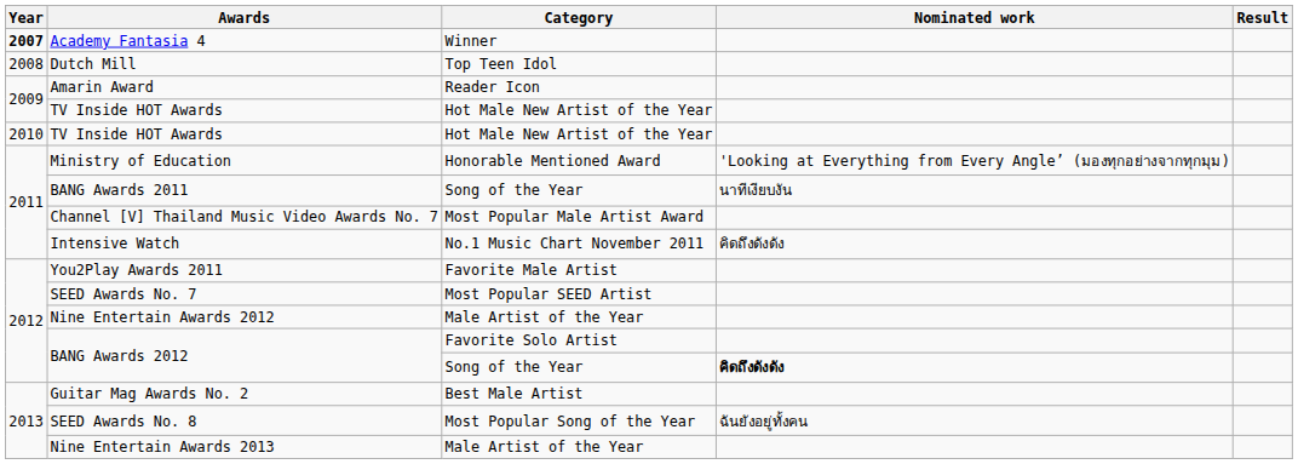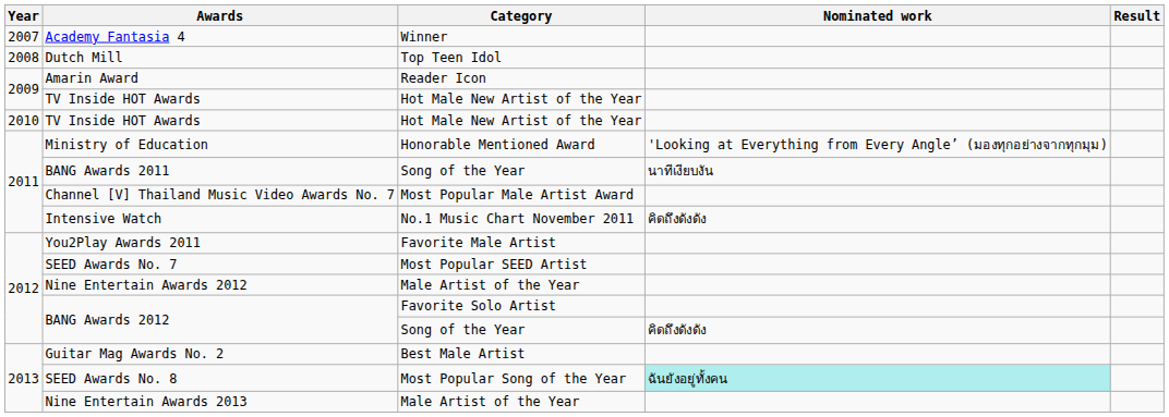 <table class="wikitable">
 <tr>
 <th>Year</th>
 <th>Awards</th>
 <th>Category</th>
 <th>Nominated work</th>
 <th>Result</th>
 </tr>
 <tr>
-<td><strong>2007</strong></td>
+<td>2007</td>
 <td><a href='#'>Academy Fantasia</a> 4</td>
 <td>Winner</td>
 <td></td>
 <td></td>
 </tr>
 <tr>
 <td>2008</td>
 <td>Dutch Mill</td>
 <td>Top Teen Idol</td>
 <td></td>
 <td></td>
 </tr>
 <tr>
 <td rowspan="2">2009</td>
 <td>Amarin Award</td>
 <td>Reader Icon </td>
 <td></td>
 <td></td>
 </tr>
 <tr>
 <td>TV Inside HOT Awards</td>
 <td>Hot Male New Artist of the Year</td>
 <td></td>
 <td></td>
 </tr>
 <tr>
 <td>2010</td>
 <td>TV Inside HOT Awards</td>
 <td>Hot Male New Artist of the Year</td>
 <td></td>
 <td></td>
 </tr>
 <tr>
 <td rowspan="4">2011</td>
 <td>Ministry of Education</td>
 <td>Honorable Mentioned Award</td>
 <td>'Looking at Everything from Every Angle’ (มองทุกอย่างจากทุกมุม)</td>
 <td></td>
 </tr>
 <tr>
 <td>BANG Awards 2011</td>
 <td>Song of the Year</td>
 <td>นาทีเงียบงัน</td>
 <td></td>
 </tr>
 <tr>
 <td>Channel [V] Thailand Music Video Awards No. 7</td>
 <td>Most Popular Male Artist Award</td>
 <td></td>
 <td></td>
 </tr>
 <tr>
 <td>Intensive Watch</td>
 <td>No.1 Music Chart November 2011</td>
 <td>คิดถึงดังดัง</td>
 <td></td>
 </tr>
 <tr>
 <td rowspan="5">2012</td>
 <td>You2Play Awards 2011</td>
 <td>Favorite Male Artist</td>
 <td></td>
 <td></td>
 </tr>
 <tr>
 <td>SEED Awards No. 7</td>
 <td>Most Popular SEED Artist</td>
 <td></td>
 <td></td>
 </tr>
 <tr>
 <td>Nine Entertain Awards 2012</td>
 <td>Male Artist of the Year</td>
 <td></td>
 <td></td>
 </tr>
 <tr>
 <td rowspan="2">BANG Awards 2012</td>
 <td>Favorite Solo Artist</td>
 <td></td>
 <td></td>
 </tr>
 <tr>
 <td>Song of the Year</td>
-<td><strong>คิดถึงดังดัง</strong></td>
+<td>คิดถึงดังดัง</td>
 <td></td>
 </tr>
 <tr>
 <td rowspan="3">2013</td>
 <td>Guitar Mag Awards No. 2</td>
 <td>Best Male Artist</td>
 <td></td>
 <td></td>
 </tr>
 <tr>
 <td>SEED Awards No. 8</td>
 <td>Most Popular Song of the Year</td>
-<td>ฉันยังอยู่ทั้งคน</td>
+<td style="background: paleturquoise;">ฉันยังอยู่ทั้งคน</td>
 <td></td>
 </tr>
 <tr>
 <td>Nine Entertain Awards 2013</td>
 <td>Male Artist of the Year</td>
 <td></td>
 <td></td>
 </tr>
 </table>
